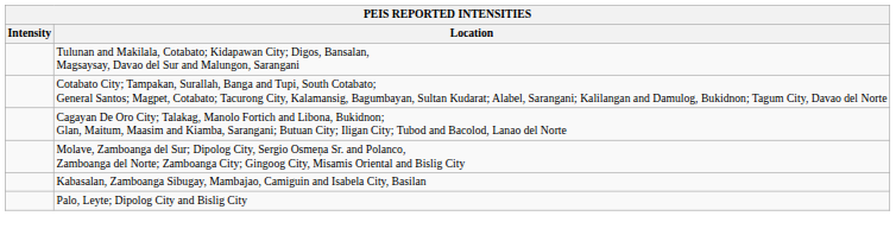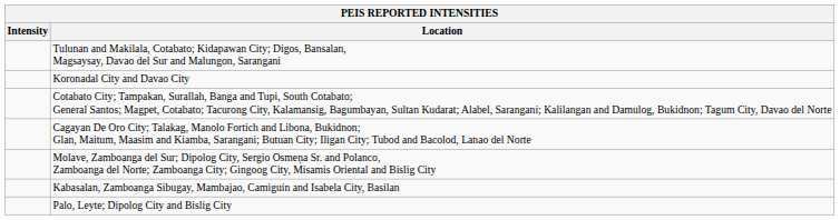 <table class="wikitable" style="font-size:90%">
 <tr>
 <th colspan="2">PEIS REPORTED INTENSITIES</th>
 </tr>
 <tr>
 <th>Intensity</th>
 <th>Location</th>
 </tr>
 <tr>
 <td></td>
 <td>Tulunan and Makilala, Cotabato; Kidapawan City; Digos, Bansalan,<br>Magsaysay, Davao del Sur and Malungon, Sarangani</td>
+</tr>
+<tr>
+<td></td>
+<td>Koronadal City and Davao City</td>
 </tr>
 <tr>
 <td></td>
 <td>Cotabato City; Tampakan, Surallah, Banga and Tupi, South Cotabato;<br>General Santos; Magpet, Cotabato; Tacurong City, Kalamansig, Bagumbayan, Sultan Kudarat; Alabel, Sarangani; Kalilangan and Damulog, Bukidnon; Tagum City, Davao del Norte</td>
 </tr>
 <tr>
 <td></td>
 <td>Cagayan De Oro City; Talakag, Manolo Fortich and Libona, Bukidnon;<br>Glan, Maitum, Maasim and Kiamba, Sarangani; Butuan City; Iligan City; Tubod and Bacolod, Lanao del Norte</td>
 </tr>
 <tr>
 <td></td>
 <td>Molave, Zamboanga del Sur; Dipolog City, Sergio Osmeņa Sr. and Polanco,<br>Zamboanga del Norte; Zamboanga City; Gingoog City, Misamis Oriental and Bislig City</td>
 </tr>
 <tr>
 <td></td>
 <td>Kabasalan, Zamboanga Sibugay, Mambajao, Camiguin and Isabela City, Basilan</td>
 </tr>
 <tr>
 <td></td>
 <td>Palo, Leyte; Dipolog City and Bislig City</td>
 </tr>
 </table>
